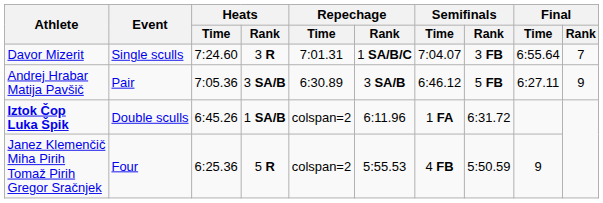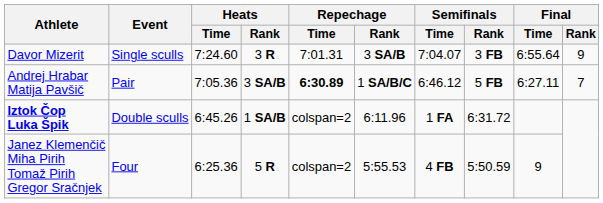 <table class="wikitable" style="font-size:90%;">
 <tr>
 <th rowspan="2">Athlete</th>
 <th rowspan="2">Event</th>
 <th colspan="2">Heats</th>
 <th colspan="2">Repechage</th>
 <th colspan="2">Semifinals</th>
 <th colspan="2">Final</th>
 </tr>
 <tr style="font-size:95%">
 <th>Time</th>
 <th>Rank</th>
 <th>Time</th>
 <th>Rank</th>
 <th>Time</th>
 <th>Rank</th>
 <th>Time</th>
 <th>Rank</th>
 </tr>
 <tr align=center>
 <td align=left><a href='#'>Davor Mizerit</a></td>
 <td align=left><a href='#'>Single sculls</a></td>
 <td>7:24.60</td>
 <td>3 <strong>R</strong></td>
 <td>7:01.31</td>
-<td>1 <strong>SA/B/C</strong></td>
+<td>3 <strong>SA/B</strong></td>
 <td>7:04.07</td>
 <td>3 <strong>FB</strong></td>
 <td>6:55.64</td>
-<td>7</td>
+<td>9</td>
 </tr>
 <tr align=center>
 <td align=left><a href='#'>Andrej Hrabar</a><br><a href='#'>Matija Pavšič</a></td>
 <td align=left><a href='#'>Pair</a></td>
 <td>7:05.36</td>
 <td>3 <strong>SA/B</strong></td>
-<td>6:30.89</td>
-<td>3 <strong>SA/B</strong></td>
+<td><strong>6:30.89</strong></td>
+<td>1 <strong>SA/B/C</strong></td>
 <td>6:46.12</td>
 <td>5 <strong>FB</strong></td>
 <td>6:27.11</td>
-<td>9</td>
+<td>7</td>
 </tr>
 <tr align=center>
 <td align=left><strong><a href='#'>Iztok Čop</a><br><a href='#'>Luka Špik</a></strong></td>
 <td align=left><a href='#'>Double sculls</a></td>
 <td>6:45.26</td>
 <td>1 <strong>SA/B</strong></td>
 <td>colspan=2 </td>
 <td>6:11.96</td>
 <td>1 <strong>FA</strong></td>
 <td>6:31.72</td>
 <td></td>
 </tr>
 <tr align=center>
 <td align=left><a href='#'>Janez Klemenčič</a><br><a href='#'>Miha Pirih</a><br><a href='#'>Tomaž Pirih</a><br><a href='#'>Gregor Sračnjek</a></td>
 <td align=left><a href='#'>Four</a></td>
 <td>6:25.36</td>
 <td>5 <strong>R</strong></td>
 <td>colspan=2 </td>
 <td>5:55.53</td>
 <td>4 <strong>FB</strong></td>
 <td>5:50.59</td>
 <td>9</td>
 </tr>
 </table>
